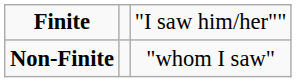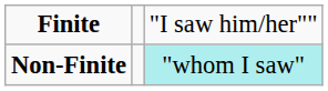 <table class="wikitable" style="text-align:center">
 <tr>
 <td><strong>Finite</strong></td>
 <td></td>
 <td>"I saw him/her""</td>
 </tr>
 <tr>
 <td><strong>Non-Finite</strong></td>
 <td></td>
-<td>"whom I saw"</td>
+<td style="background: paleturquoise;">"whom I saw"</td>
 </tr>
 </table>
